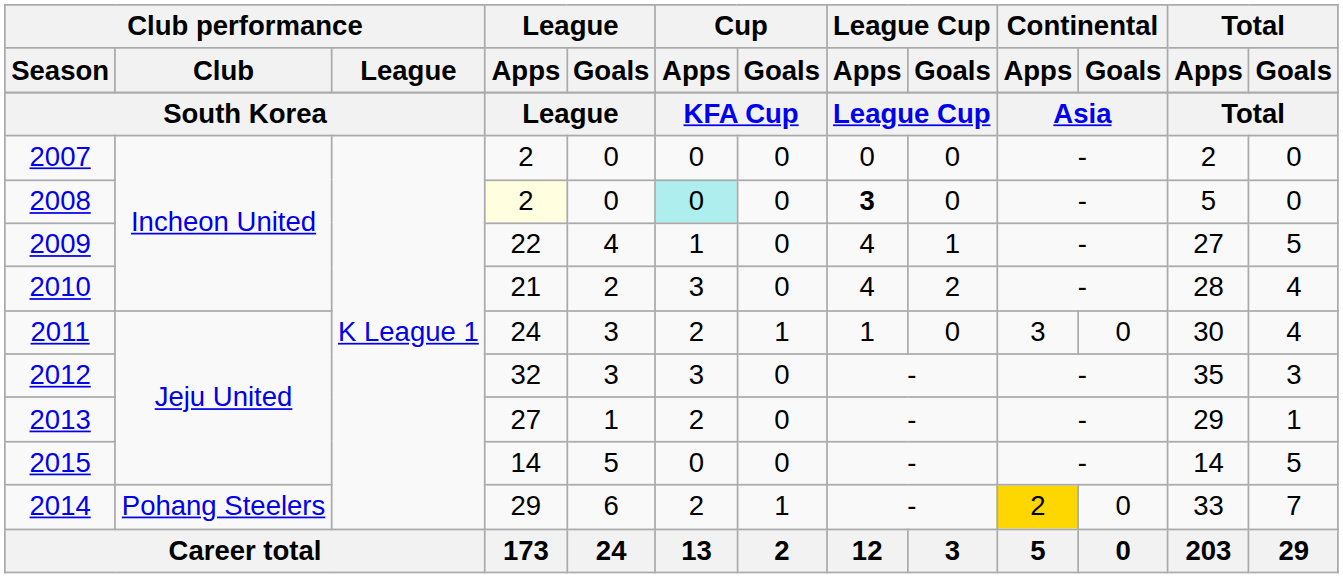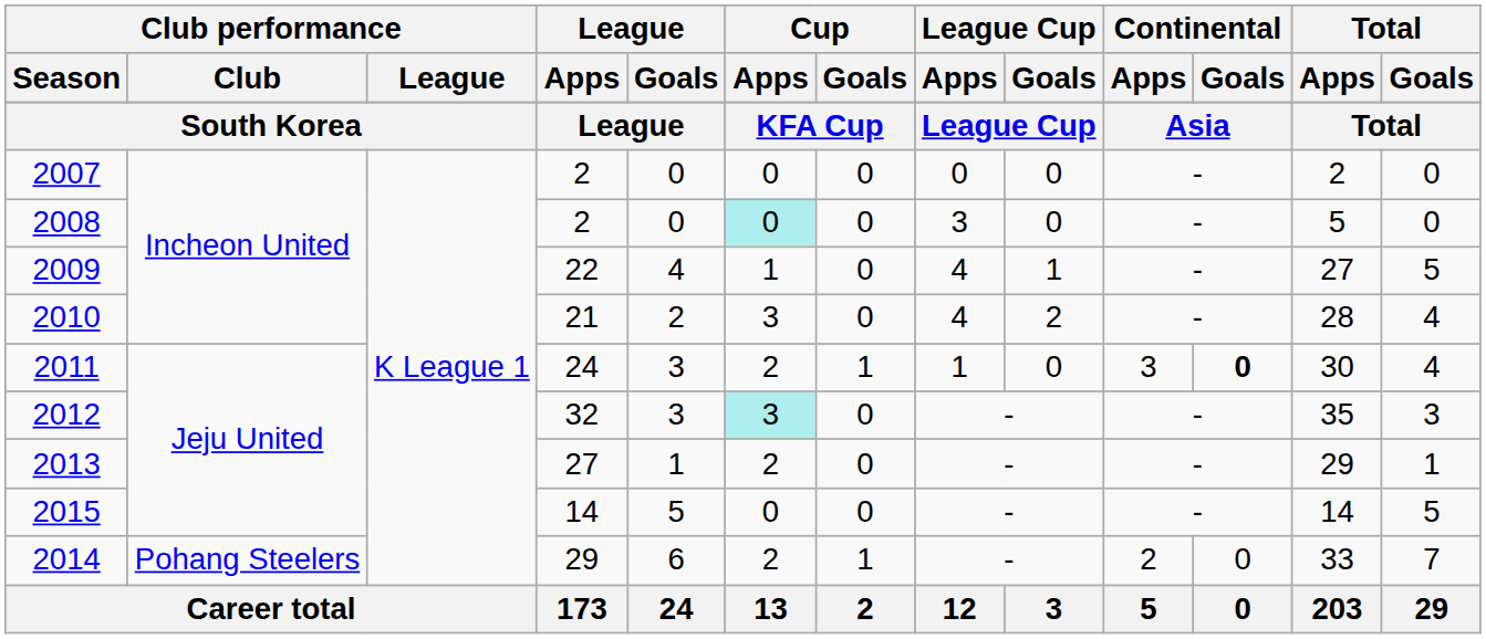 <table class="wikitable" style="text-align:center">
 <tr>
 <th colspan=3>Club performance</th>
 <th colspan=2>League</th>
 <th colspan=2>Cup</th>
 <th colspan=2>League Cup</th>
 <th colspan=2>Continental</th>
 <th colspan=2>Total</th>
 </tr>
 <tr>
 <th>Season</th>
 <th>Club</th>
 <th>League</th>
 <th>Apps</th>
 <th>Goals</th>
 <th>Apps</th>
 <th>Goals</th>
 <th>Apps</th>
 <th>Goals</th>
 <th>Apps</th>
 <th>Goals</th>
 <th>Apps</th>
 <th>Goals</th>
 </tr>
 <tr>
 </tr>
 <tr>
 <th colspan=3>South Korea</th>
 <th colspan=2>League</th>
 <th colspan=2><a href='#'>KFA Cup</a></th>
 <th colspan=2><a href='#'>League Cup</a></th>
 <th colspan=2><a href='#'>Asia</a></th>
 <th colspan=2>Total</th>
 </tr>
 <tr>
 <td><a href='#'>2007</a></td>
 <td rowspan="4"><a href='#'>Incheon United</a></td>
 <td rowspan="9"><a href='#'>K League 1</a></td>
 <td>2</td>
 <td>0</td>
 <td>0</td>
 <td>0</td>
 <td>0</td>
 <td>0</td>
 <td colspan="2">-</td>
 <td>2</td>
 <td>0</td>
 </tr>
 <tr>
 <td><a href='#'>2008</a></td>
-<td style="background: lightyellow;">2</td>
+<td>2</td>
 <td>0</td>
 <td style="background: paleturquoise;">0</td>
 <td>0</td>
-<td><strong>3</strong></td>
+<td>3</td>
 <td>0</td>
 <td colspan="2">-</td>
 <td>5</td>
 <td>0</td>
 </tr>
 <tr>
 <td><a href='#'>2009</a></td>
 <td>22</td>
 <td>4</td>
 <td>1</td>
 <td>0</td>
 <td>4</td>
 <td>1</td>
 <td colspan="2">-</td>
 <td>27</td>
 <td>5</td>
 </tr>
 <tr>
 <td><a href='#'>2010</a></td>
 <td>21</td>
 <td>2</td>
 <td>3</td>
 <td>0</td>
 <td>4</td>
 <td>2</td>
 <td colspan="2">-</td>
 <td>28</td>
 <td>4</td>
 </tr>
 <tr>
 <td><a href='#'>2011</a></td>
 <td rowspan="4"><a href='#'>Jeju United</a></td>
 <td>24</td>
 <td>3</td>
 <td>2</td>
 <td>1</td>
 <td>1</td>
 <td>0</td>
 <td>3</td>
-<td>0</td>
+<td><strong>0</strong></td>
 <td>30</td>
 <td>4</td>
 </tr>
 <tr>
 <td><a href='#'>2012</a></td>
 <td>32</td>
 <td>3</td>
-<td>3</td>
+<td style="background: paleturquoise;">3</td>
 <td>0</td>
 <td colspan="2">-</td>
 <td colspan="2">-</td>
 <td>35</td>
 <td>3</td>
 </tr>
 <tr>
 <td><a href='#'>2013</a></td>
 <td>27</td>
 <td>1</td>
 <td>2</td>
 <td>0</td>
 <td colspan="2">-</td>
 <td colspan="2">-</td>
 <td>29</td>
 <td>1</td>
 </tr>
 <tr>
 <td><a href='#'>2015</a></td>
 <td>14</td>
 <td>5</td>
 <td>0</td>
 <td>0</td>
 <td colspan="2">-</td>
 <td colspan="2">-</td>
 <td>14</td>
 <td>5</td>
 </tr>
 <tr>
 <td><a href='#'>2014</a></td>
 <td><a href='#'>Pohang Steelers</a></td>
 <td>29</td>
 <td>6</td>
 <td>2</td>
 <td>1</td>
 <td colspan="2">-</td>
-<td style="background: gold;">2</td>
+<td>2</td>
 <td>0</td>
 <td>33</td>
 <td>7</td>
 </tr>
 <tr>
 <th colspan=3>Career total</th>
 <th>173</th>
 <th>24</th>
 <th>13</th>
 <th>2</th>
 <th>12</th>
 <th>3</th>
 <th>5</th>
 <th>0</th>
 <th>203</th>
 <th>29</th>
 </tr>
 </table>
